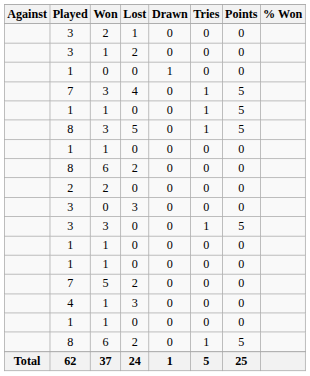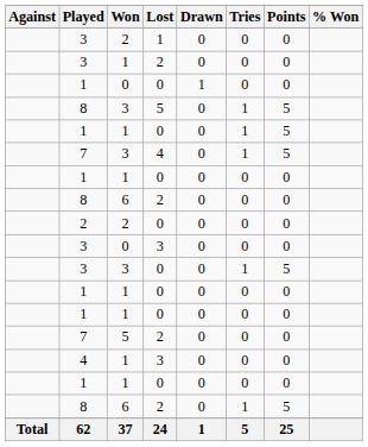 <table class="sortable wikitable" style="text-align: center;">
 <tr>
 </tr>
 <tr>
 <th>Against</th>
 <th>Played</th>
 <th>Won</th>
 <th>Lost</th>
 <th>Drawn</th>
 <th>Tries</th>
 <th>Points</th>
 <th>% Won</th>
 </tr>
 <tr bgcolor="#d0ffd0" align="center">
 </tr>
 <tr>
 <td align="left"></td>
 <td>3</td>
 <td>2</td>
 <td>1</td>
 <td>0</td>
 <td>0</td>
 <td>0</td>
 <td></td>
 </tr>
 <tr>
 <td align="left"></td>
 <td>3</td>
 <td>1</td>
 <td>2</td>
 <td>0</td>
 <td>0</td>
 <td>0</td>
 <td></td>
 </tr>
 <tr>
 <td align="left"></td>
 <td>1</td>
 <td>0</td>
 <td>0</td>
 <td>1</td>
 <td>0</td>
 <td>0</td>
 <td></td>
 </tr>
 <tr>
 <td align="left"></td>
-<td>7</td>
+<td>8</td>
 <td>3</td>
-<td>4</td>
+<td>5</td>
 <td>0</td>
 <td>1</td>
 <td>5</td>
 <td></td>
 </tr>
 <tr>
 <td align="left"></td>
 <td>1</td>
 <td>1</td>
 <td>0</td>
 <td>0</td>
 <td>1</td>
 <td>5</td>
 <td></td>
 </tr>
 <tr>
 <td align="left"></td>
-<td>8</td>
+<td>7</td>
 <td>3</td>
-<td>5</td>
+<td>4</td>
 <td>0</td>
 <td>1</td>
 <td>5</td>
 <td></td>
 </tr>
 <tr>
 <td align="left"></td>
 <td>1</td>
 <td>1</td>
 <td>0</td>
 <td>0</td>
 <td>0</td>
 <td>0</td>
 <td></td>
 </tr>
 <tr>
 <td align="left"></td>
 <td>8</td>
 <td>6</td>
 <td>2</td>
 <td>0</td>
 <td>0</td>
 <td>0</td>
 <td></td>
 </tr>
 <tr>
 <td align="left"></td>
 <td>2</td>
 <td>2</td>
 <td>0</td>
 <td>0</td>
 <td>0</td>
 <td>0</td>
 <td></td>
 </tr>
 <tr>
 <td align="left"></td>
 <td>3</td>
 <td>0</td>
 <td>3</td>
 <td>0</td>
 <td>0</td>
 <td>0</td>
 <td></td>
 </tr>
 <tr>
 <td align="left"></td>
 <td>3</td>
 <td>3</td>
 <td>0</td>
 <td>0</td>
 <td>1</td>
 <td>5</td>
 <td></td>
 </tr>
 <tr>
 <td align="left"></td>
 <td>1</td>
 <td>1</td>
 <td>0</td>
 <td>0</td>
 <td>0</td>
 <td>0</td>
 <td></td>
 </tr>
 <tr>
 <td align="left"></td>
 <td>1</td>
 <td>1</td>
 <td>0</td>
 <td>0</td>
 <td>0</td>
 <td>0</td>
 <td></td>
 </tr>
 <tr>
 <td align="left"></td>
 <td>7</td>
 <td>5</td>
 <td>2</td>
 <td>0</td>
 <td>0</td>
 <td>0</td>
 <td></td>
 </tr>
 <tr>
 <td align="left"></td>
 <td>4</td>
 <td>1</td>
 <td>3</td>
 <td>0</td>
 <td>0</td>
 <td>0</td>
 <td></td>
 </tr>
 <tr>
 <td align="left"></td>
 <td>1</td>
 <td>1</td>
 <td>0</td>
 <td>0</td>
 <td>0</td>
 <td>0</td>
 <td></td>
 </tr>
 <tr>
 <td align="left"></td>
 <td>8</td>
 <td>6</td>
 <td>2</td>
 <td>0</td>
 <td>1</td>
 <td>5</td>
 <td></td>
 </tr>
 <tr>
 </tr>
 <tr class="sortbottom">
 <th>Total</th>
 <th>62</th>
 <th>37</th>
 <th>24</th>
 <th>1</th>
 <th>5</th>
 <th>25</th>
 <th></th>
 </tr>
 </table>
